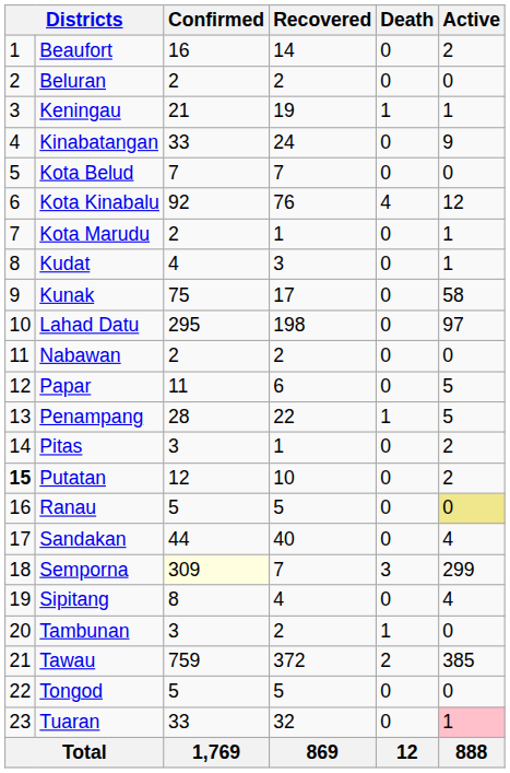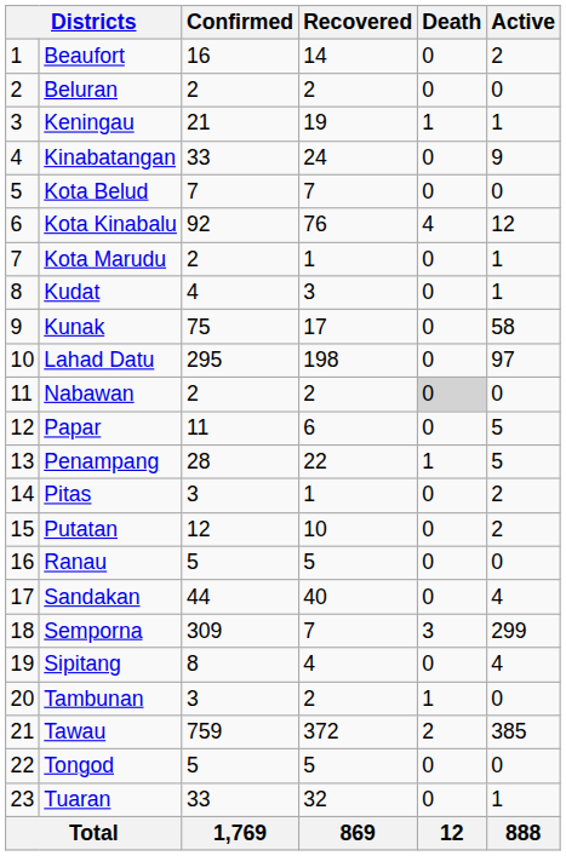 <table class="wikitable sortable mw-collapsible mw-collapsed">
 <tr>
 <th colspan="2"><a href='#'>Districts</a></th>
 <th>Confirmed</th>
 <th>Recovered</th>
 <th>Death</th>
 <th>Active</th>
 </tr>
 <tr>
 <td>1</td>
 <td><a href='#'>Beaufort</a></td>
 <td>16</td>
 <td>14</td>
 <td>0</td>
 <td>2</td>
 </tr>
 <tr>
 <td>2</td>
 <td><a href='#'>Beluran</a></td>
 <td>2</td>
 <td>2</td>
 <td>0</td>
 <td>0</td>
 </tr>
 <tr>
 <td>3</td>
 <td><a href='#'>Keningau</a></td>
 <td>21</td>
 <td>19</td>
 <td>1</td>
 <td>1</td>
 </tr>
 <tr>
 <td>4</td>
 <td><a href='#'>Kinabatangan</a></td>
 <td>33</td>
 <td>24</td>
 <td>0</td>
 <td>9</td>
 </tr>
 <tr>
 <td>5</td>
 <td><a href='#'>Kota Belud</a></td>
 <td>7</td>
 <td>7</td>
 <td>0</td>
 <td>0</td>
 </tr>
 <tr>
 <td>6</td>
 <td><a href='#'>Kota Kinabalu</a></td>
 <td>92</td>
 <td>76</td>
 <td>4</td>
 <td>12</td>
 </tr>
 <tr>
 <td>7</td>
 <td><a href='#'>Kota Marudu</a></td>
 <td>2</td>
 <td>1</td>
 <td>0</td>
 <td>1</td>
 </tr>
 <tr>
 <td>8</td>
 <td><a href='#'>Kudat</a></td>
 <td>4</td>
 <td>3</td>
 <td>0</td>
 <td>1</td>
 </tr>
 <tr>
 <td>9</td>
 <td><a href='#'>Kunak</a></td>
 <td>75</td>
 <td>17</td>
 <td>0</td>
 <td>58</td>
 </tr>
 <tr>
 <td>10</td>
 <td><a href='#'>Lahad Datu</a></td>
 <td>295</td>
 <td>198</td>
 <td>0</td>
 <td>97</td>
 </tr>
 <tr>
 <td>11</td>
 <td><a href='#'>Nabawan</a></td>
 <td>2</td>
 <td>2</td>
-<td>0</td>
+<td style="background: lightgrey;">0</td>
 <td>0</td>
 </tr>
 <tr>
 <td>12</td>
 <td><a href='#'>Papar</a></td>
 <td>11</td>
 <td>6</td>
 <td>0</td>
 <td>5</td>
 </tr>
 <tr>
 <td>13</td>
 <td><a href='#'>Penampang</a></td>
 <td>28</td>
 <td>22</td>
 <td>1</td>
 <td>5</td>
 </tr>
 <tr>
 <td>14</td>
 <td><a href='#'>Pitas</a></td>
 <td>3</td>
 <td>1</td>
 <td>0</td>
 <td>2</td>
 </tr>
 <tr>
-<td><strong>15</strong></td>
+<td>15</td>
 <td><a href='#'>Putatan</a></td>
 <td>12</td>
 <td>10</td>
 <td>0</td>
 <td>2</td>
 </tr>
 <tr>
 <td>16</td>
 <td><a href='#'>Ranau</a></td>
 <td>5</td>
 <td>5</td>
 <td>0</td>
-<td style="background: khaki;">0</td>
+<td>0</td>
 </tr>
 <tr>
 <td>17</td>
 <td><a href='#'>Sandakan</a></td>
 <td>44</td>
 <td>40</td>
 <td>0</td>
 <td>4</td>
 </tr>
 <tr>
 <td>18</td>
 <td><a href='#'>Semporna</a></td>
-<td style="background: lightyellow;">309</td>
+<td>309</td>
 <td>7</td>
 <td>3</td>
 <td>299</td>
 </tr>
 <tr>
 <td>19</td>
 <td><a href='#'>Sipitang</a></td>
 <td>8</td>
 <td>4</td>
 <td>0</td>
 <td>4</td>
 </tr>
 <tr>
 <td>20</td>
 <td><a href='#'>Tambunan</a></td>
 <td>3</td>
 <td>2</td>
 <td>1</td>
 <td>0</td>
 </tr>
 <tr>
 <td>21</td>
 <td><a href='#'>Tawau</a></td>
 <td>759</td>
 <td>372</td>
 <td>2</td>
 <td>385</td>
 </tr>
 <tr>
 <td>22</td>
 <td><a href='#'>Tongod</a></td>
 <td>5</td>
 <td>5</td>
 <td>0</td>
 <td>0</td>
 </tr>
 <tr>
 <td>23</td>
 <td><a href='#'>Tuaran</a></td>
 <td>33</td>
 <td>32</td>
 <td>0</td>
-<td style="background: pink;">1</td>
+<td>1</td>
 </tr>
 <tr>
 <th colspan="2"><strong>Total</strong></th>
 <th><strong>1,769</strong></th>
 <th><strong>869</strong></th>
 <th><strong>12</strong></th>
 <th><strong>888</strong></th>
 </tr>
 </table>
